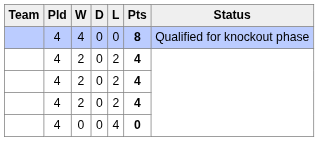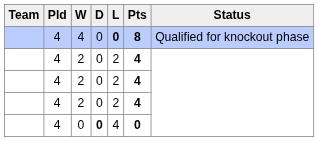 <table style=border-collapse:collapse border=1 cellspacing=0 cellpadding=5>
 <tr align=center bgcolor=#efefef>
 <th>Team</th>
 <th>Pld</th>
 <th>W</th>
 <th>D</th>
 <th>L</th>
 <th>Pts</th>
 <th>Status</th>
 </tr>
 <tr align=center style="background:#bbccff;">
 <td style="text-align:left;"> </td>
 <td>4</td>
 <td>4</td>
 <td>0</td>
-<td>0</td>
+<td><strong>0</strong></td>
 <td><strong>8</strong></td>
 <td rowspan=1>Qualified for knockout phase</td>
 </tr>
 <tr align=center style="background:#FFFFFF;">
 <td style="text-align:left;"> </td>
 <td>4</td>
 <td>2</td>
 <td>0</td>
 <td>2</td>
 <td><strong>4</strong></td>
 <td rowspan=4></td>
 </tr>
 <tr align=center style="background:#FFFFFF;">
 <td style="text-align:left;"> </td>
 <td>4</td>
 <td>2</td>
 <td>0</td>
 <td>2</td>
 <td><strong>4</strong></td>
 </tr>
 <tr align=center style="background:#FFFFFF;">
 <td style="text-align:left;"> </td>
 <td>4</td>
 <td>2</td>
 <td>0</td>
 <td>2</td>
 <td><strong>4</strong></td>
 </tr>
 <tr align=center style="background:#FFFFFF;">
 <td style="text-align:left;"> </td>
 <td>4</td>
 <td>0</td>
-<td>0</td>
+<td><strong>0</strong></td>
 <td>4</td>
 <td><strong>0</strong></td>
 </tr>
 </table>
